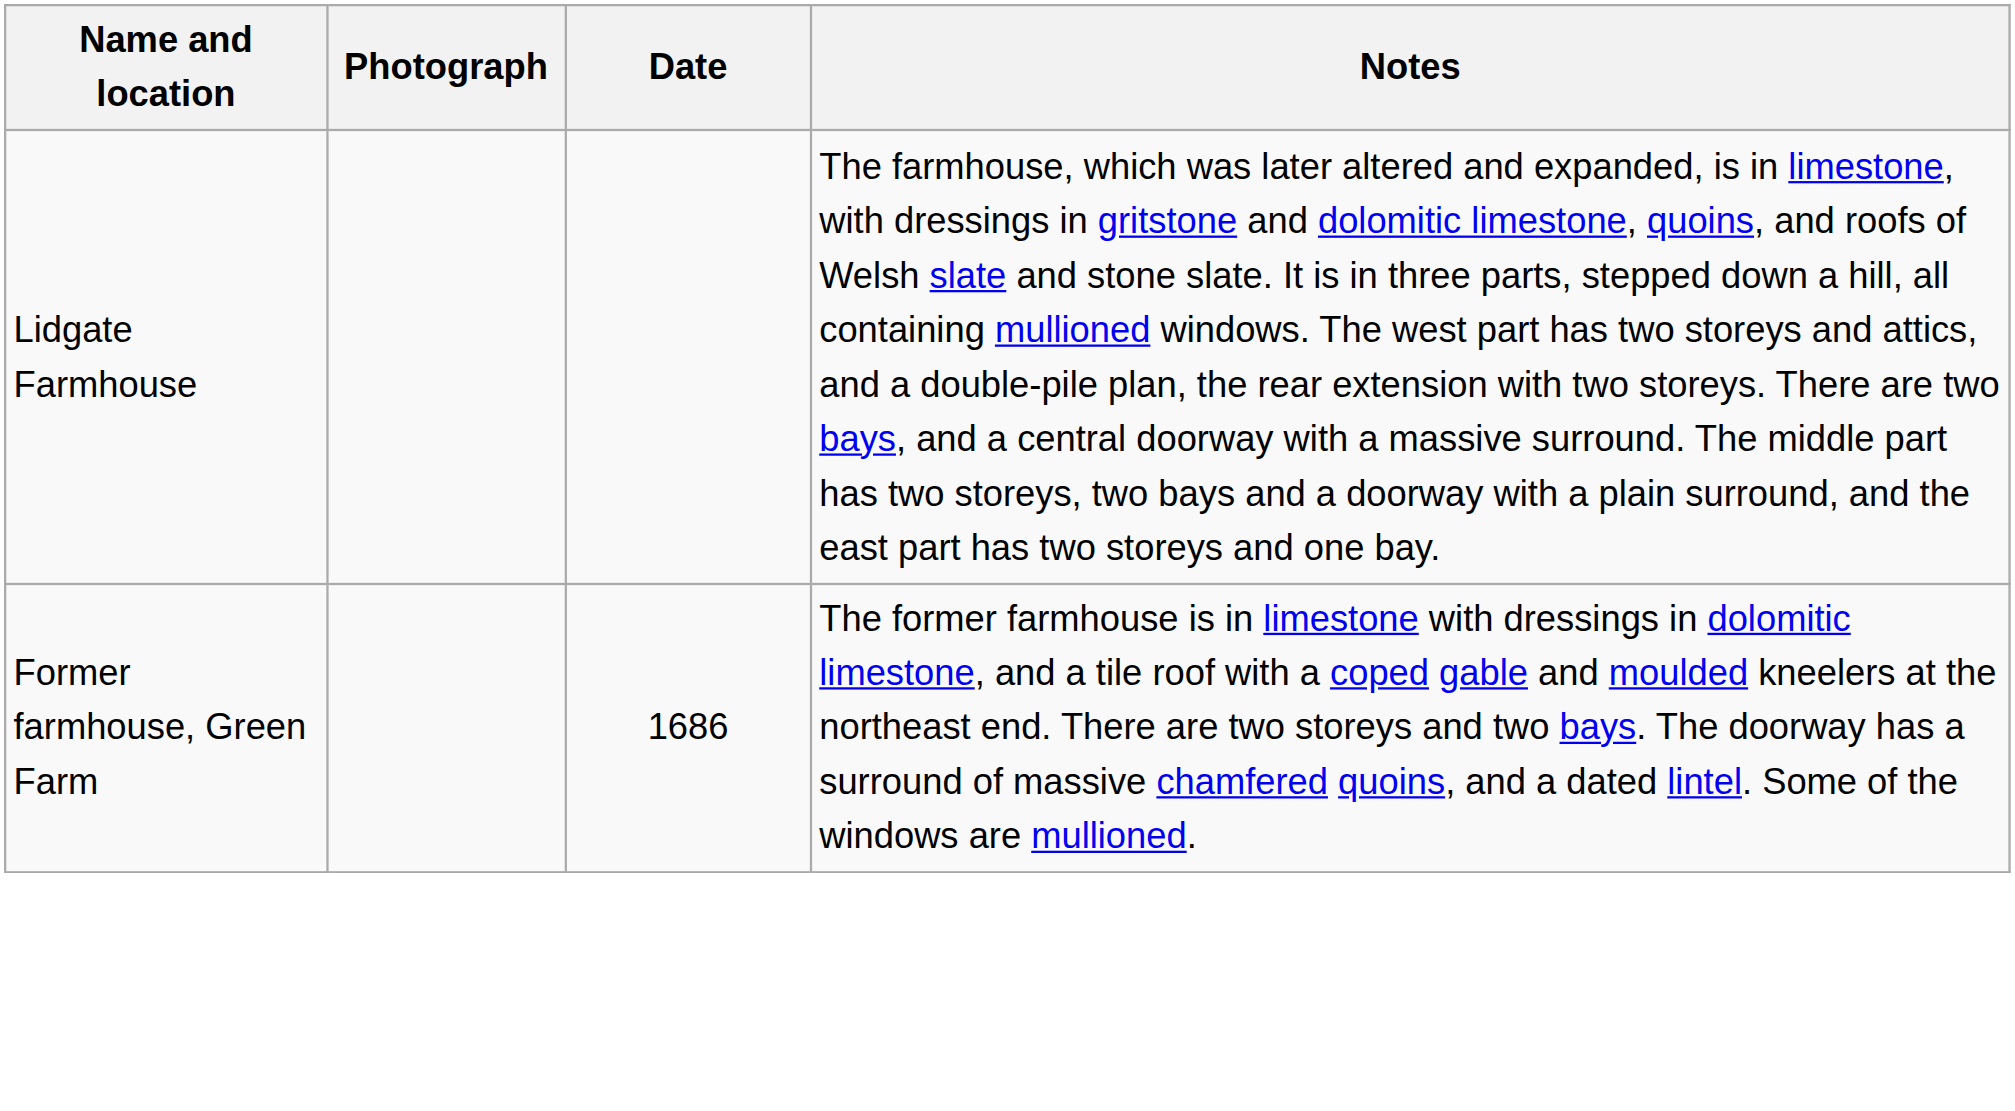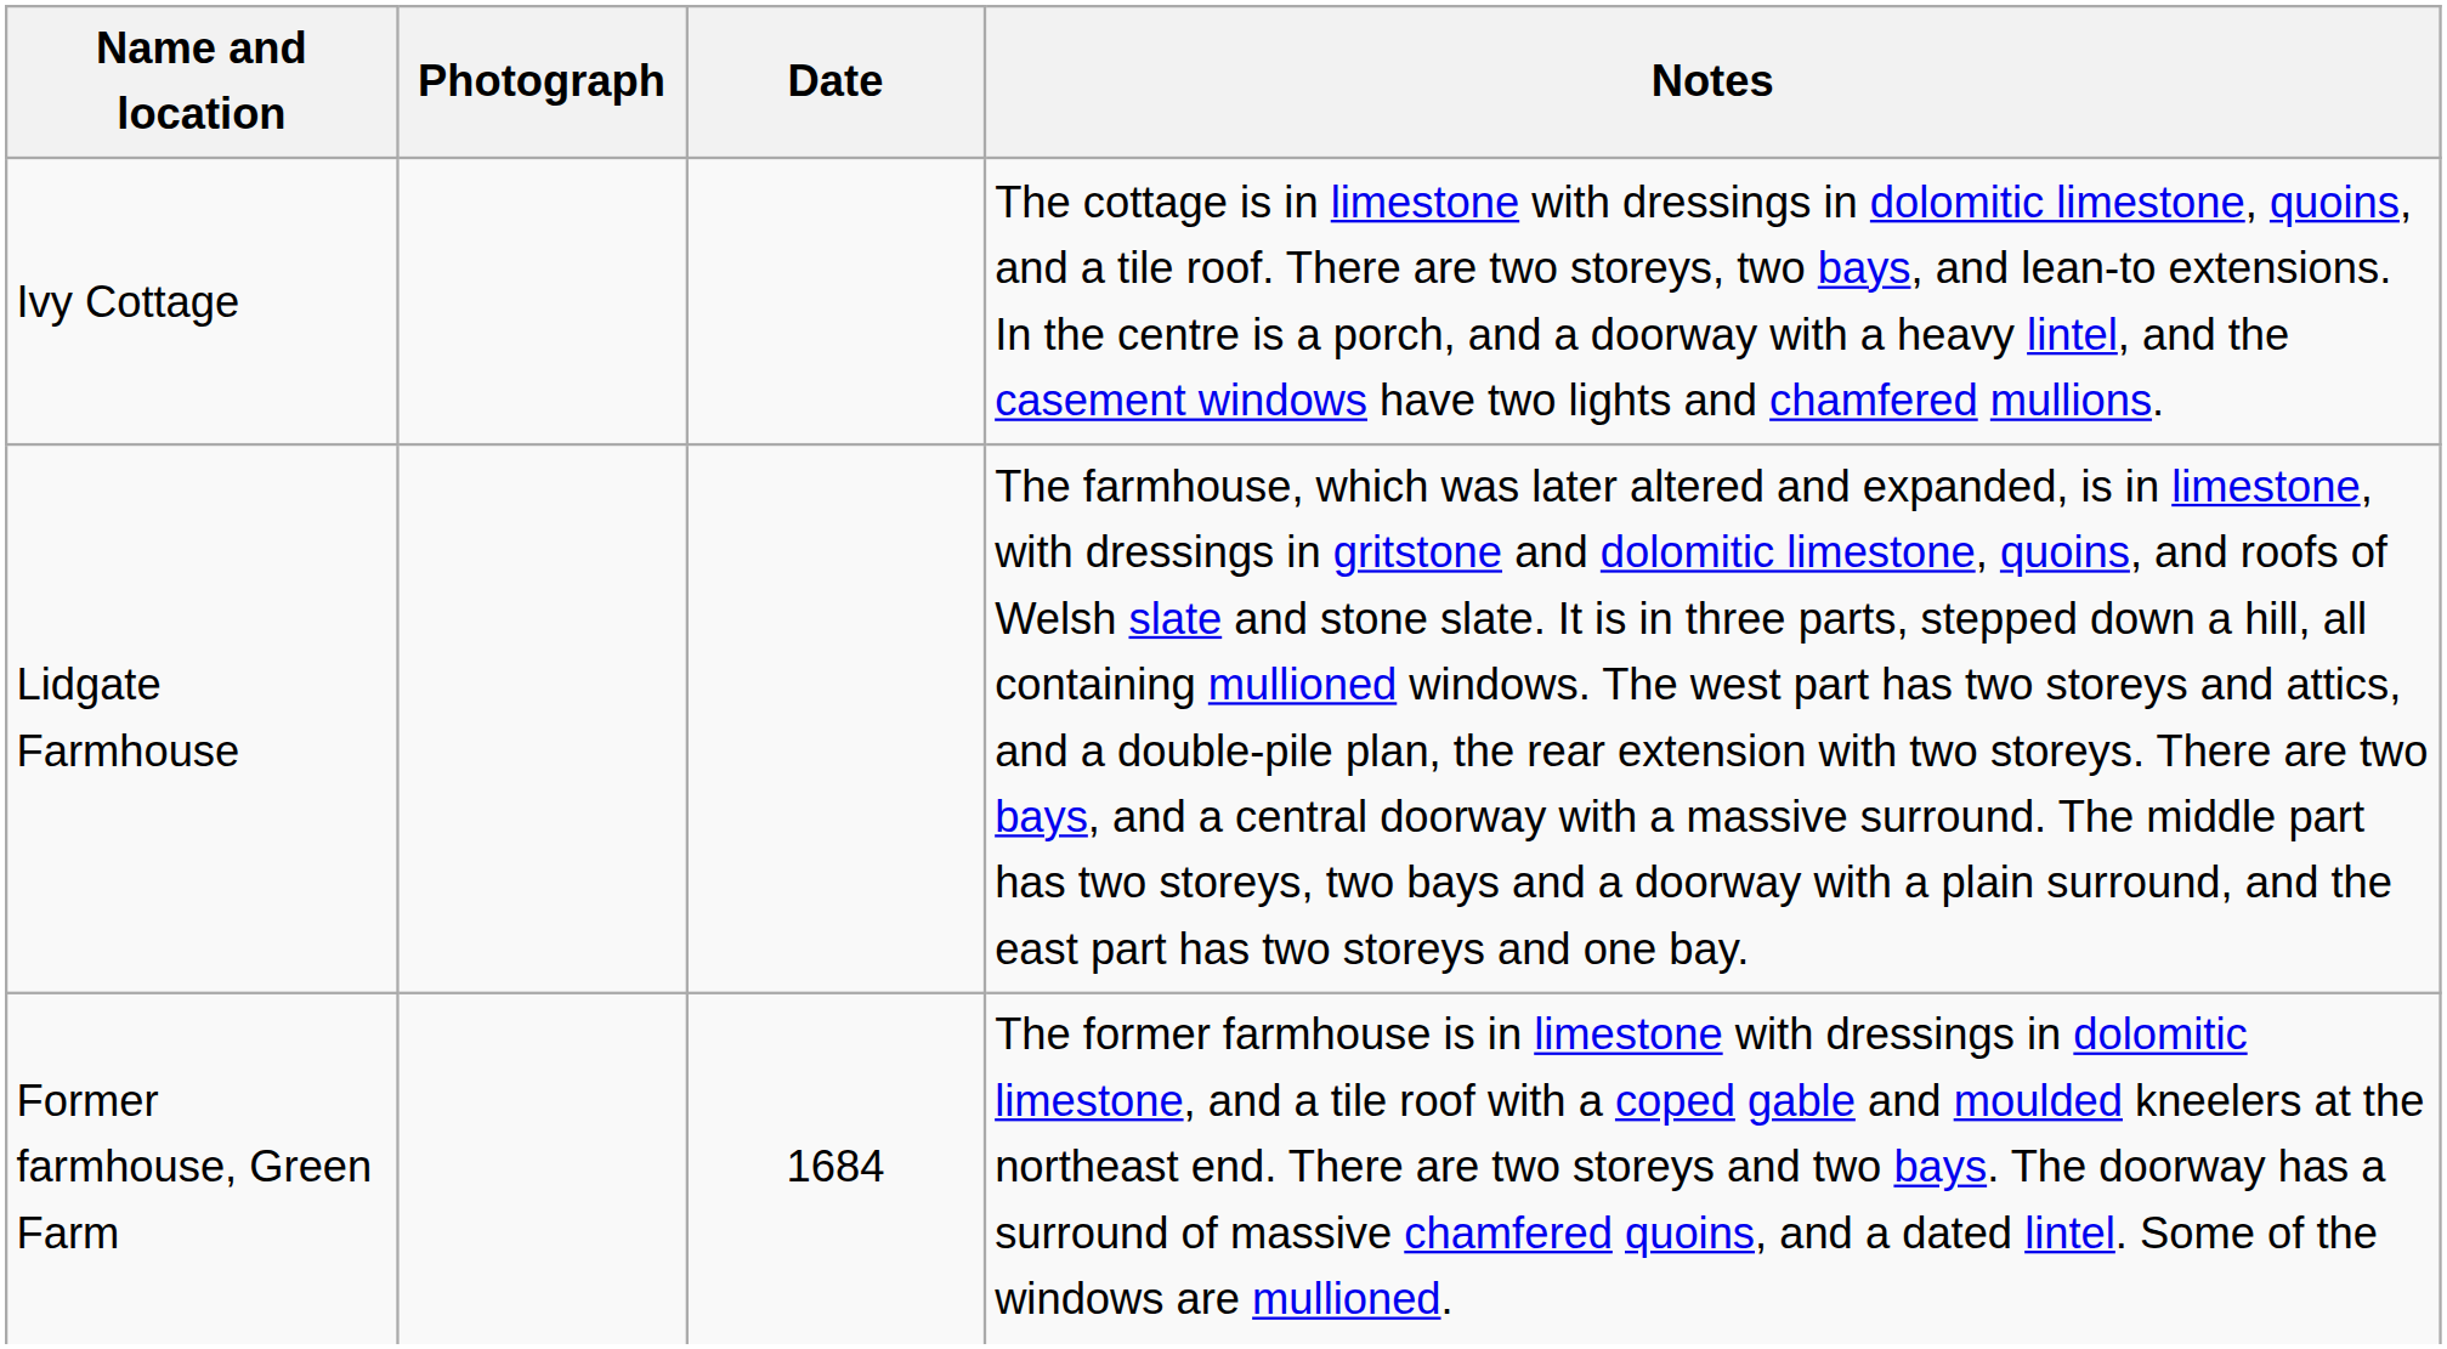 <table class="wikitable sortable plainrowheaders" style="width:100%;border:0px;text-align:left;line-height:150%;">
 <tr>
 <th scope="col"  style="width:150px">Name and location</th>
 <th scope="col"  style="width:100px" class="unsortable">Photograph</th>
 <th scope="col"  style="width:120px">Date</th>
 <th scope="col"  style="width:650px" class="unsortable">Notes</th>
+</tr>
+<tr>
+<td>Ivy Cottage<br><small></small></td>
+<td></td>
+<td align="center"></td>
+<td>The cottage is in <a href='#'>limestone</a> with dressings in <a href='#'>dolomitic limestone</a>, <a href='#'>quoins</a>, and a tile roof.  There are two storeys, two <a href='#'>bays</a>, and lean-to extensions.  In the centre is a porch, and a doorway with a heavy <a href='#'>lintel</a>, and the <a href='#'>casement windows</a> have two lights and <a href='#'>chamfered</a> <a href='#'>mullions</a>.</td>
 </tr>
 <tr>
 <td>Lidgate Farmhouse<br><small></small></td>
 <td></td>
 <td align="center"></td>
 <td>The farmhouse, which was later altered and expanded, is in <a href='#'>limestone</a>, with dressings in <a href='#'>gritstone</a> and <a href='#'>dolomitic limestone</a>, <a href='#'>quoins</a>, and roofs of Welsh <a href='#'>slate</a> and stone slate.  It is in three parts, stepped down a hill, all containing <a href='#'>mullioned</a> windows.  The west part has two storeys and attics, and a double-pile plan, the rear extension with two storeys.  There are two <a href='#'>bays</a>, and a central doorway with a massive surround.  The middle part has two storeys, two bays and a doorway with a plain surround, and the east part has two storeys and one bay.</td>
 </tr>
 <tr>
 <td>Former farmhouse, Green Farm<br><small></small></td>
 <td></td>
-<td align="center">1686</td>
+<td align="center">1684</td>
 <td>The former farmhouse is in <a href='#'>limestone</a> with dressings in <a href='#'>dolomitic limestone</a>, and a tile roof with a <a href='#'>coped</a> <a href='#'>gable</a> and <a href='#'>moulded</a> kneelers at the northeast end.  There are two storeys and two <a href='#'>bays</a>.  The doorway has a surround of massive <a href='#'>chamfered</a> <a href='#'>quoins</a>, and a dated <a href='#'>lintel</a>.  Some of the windows are <a href='#'>mullioned</a>.</td>
 </tr>
 <tr>
 </tr>
 </table>
